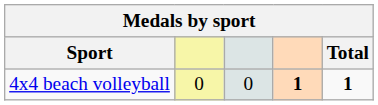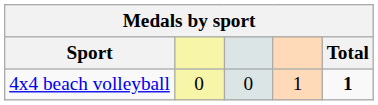 <table class="wikitable" style="font-size:90%; text-align:center;">
 <tr>
 <th colspan="5">Medals by sport</th>
 </tr>
 <tr>
 <th width="120">Sport</th>
 <th scope="col" width="30" style="background:#F7F6A8;"></th>
 <th scope="col" width="30" style="background:#DCE5E5;"></th>
 <th scope="col" width="30" style="background:#FFDAB9;"></th>
 <th width="30">Total</th>
 </tr>
 <tr>
 <td align="left"><a href='#'>4x4 beach volleyball</a></td>
 <td style="background:#F7F6A8;">0</td>
 <td style="background:#DCE5E5;">0</td>
-<td style="background:#FFDAB9;"><strong>1</strong></td>
+<td style="background:#FFDAB9;">1</td>
 <td><strong>1</strong></td>
 </tr>
 </table>
